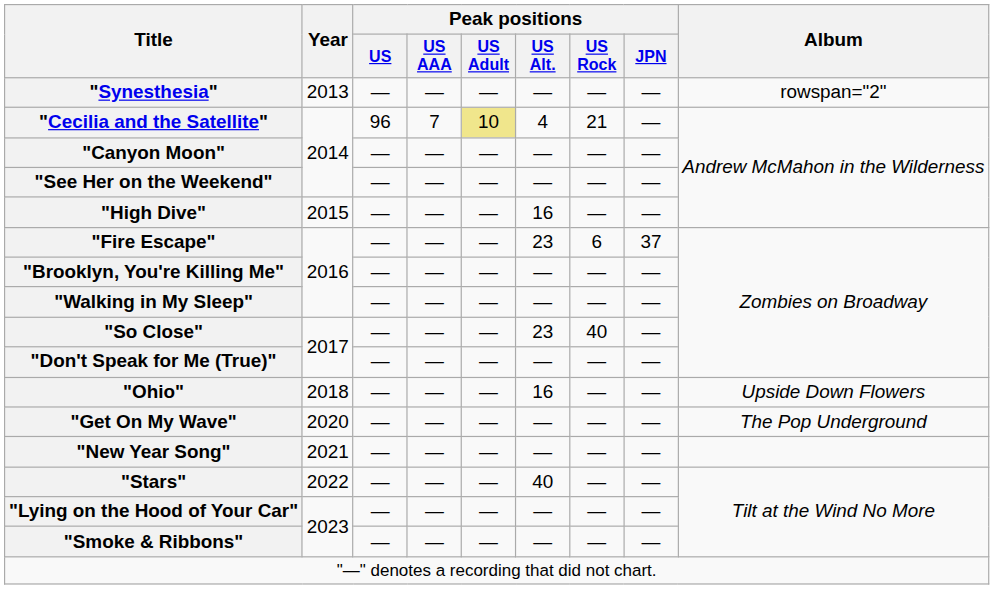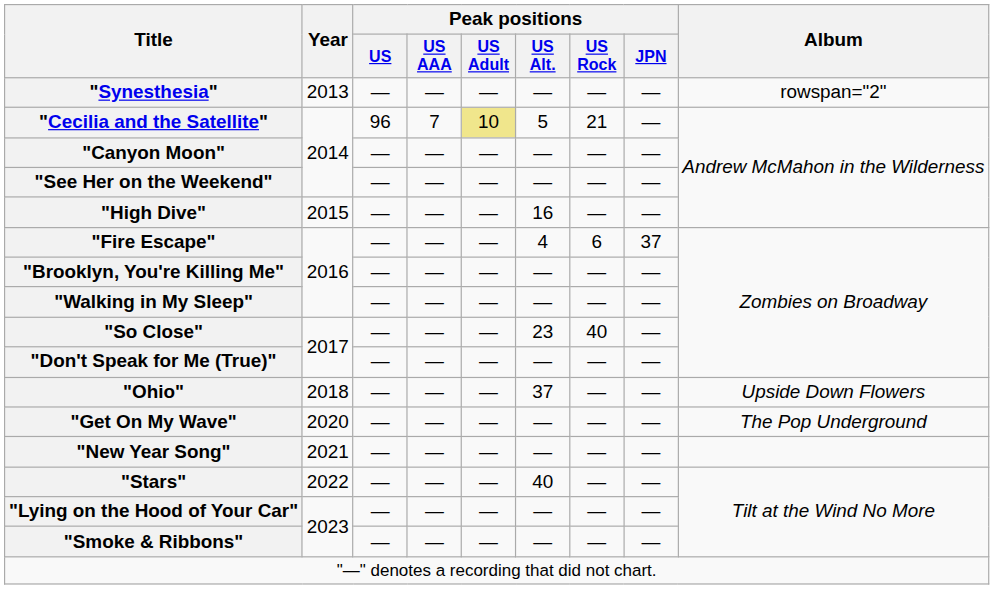 <table class="wikitable plainrowheaders" style="text-align:center;">
 <tr>
 <th scope="col" rowspan="2">Title</th>
 <th scope="col" rowspan="2">Year</th>
 <th scope="col" colspan="6">Peak positions</th>
 <th scope="col" rowspan="2">Album</th>
 </tr>
 <tr>
 <th scope="col" style="width:2.9em;font-size:85%;"><a href='#'>US</a><br></th>
 <th scope="col" style="width:2.9em;font-size:85%;"><a href='#'>US<br>AAA</a><br></th>
 <th scope="col" style="width:2.9em;font-size:85%;"><a href='#'>US<br>Adult</a><br></th>
 <th scope="col" style="width:2.9em;font-size:85%;"><a href='#'>US<br>Alt.</a><br></th>
 <th scope="col" style="width:2.9em;font-size:85%;"><a href='#'>US<br>Rock</a><br></th>
 <th scope="col" style="width:2.9em;font-size:85%;"><a href='#'>JPN</a><br></th>
 </tr>
 <tr>
 <th scope="row">"<a href='#'>Synesthesia</a>"</th>
 <td>2013</td>
 <td>—</td>
 <td>—</td>
 <td>—</td>
 <td>—</td>
 <td>—</td>
 <td>—</td>
 <td>rowspan="2" </td>
 </tr>
 <tr>
 <th scope="row">"<a href='#'>Cecilia and the Satellite</a>"</th>
 <td rowspan="3">2014</td>
 <td>96</td>
 <td>7</td>
 <td style="background: khaki;">10</td>
-<td>4</td>
+<td>5</td>
 <td>21</td>
 <td>—</td>
 <td rowspan="4"><em>Andrew McMahon in the Wilderness</em></td>
 </tr>
 <tr>
 <th scope="row">"Canyon Moon"</th>
 <td>—</td>
 <td>—</td>
 <td>—</td>
 <td>—</td>
 <td>—</td>
 <td>—</td>
 </tr>
 <tr>
 <th scope="row">"See Her on the Weekend"</th>
 <td>—</td>
 <td>—</td>
 <td>—</td>
 <td>—</td>
 <td>—</td>
 <td>—</td>
 </tr>
 <tr>
 <th scope="row">"High Dive"</th>
 <td>2015</td>
 <td>—</td>
 <td>—</td>
 <td>—</td>
 <td>16</td>
 <td>—</td>
 <td>—</td>
 </tr>
 <tr>
 <th scope="row">"Fire Escape"</th>
 <td rowspan="3">2016</td>
 <td>—</td>
 <td>—</td>
 <td>—</td>
-<td>23</td>
+<td>4</td>
 <td>6</td>
 <td>37</td>
 <td rowspan="5"><em>Zombies on Broadway</em></td>
 </tr>
 <tr>
 <th scope="row">"Brooklyn, You're Killing Me"</th>
 <td>—</td>
 <td>—</td>
 <td>—</td>
 <td>—</td>
 <td>—</td>
 <td>—</td>
 </tr>
 <tr>
 <th scope="row">"Walking in My Sleep"</th>
 <td>—</td>
 <td>—</td>
 <td>—</td>
 <td>—</td>
 <td>—</td>
 <td>—</td>
 </tr>
 <tr>
 <th scope="row">"So Close"</th>
 <td rowspan="2">2017</td>
 <td>—</td>
 <td>—</td>
 <td>—</td>
 <td>23</td>
 <td>40</td>
 <td>—</td>
 </tr>
 <tr>
 <th scope="row">"Don't Speak for Me (True)"</th>
 <td>—</td>
 <td>—</td>
 <td>—</td>
 <td>—</td>
 <td>—</td>
 <td>—</td>
 </tr>
 <tr>
 <th scope="row">"Ohio"</th>
 <td>2018</td>
 <td>—</td>
 <td>—</td>
 <td>—</td>
-<td>16</td>
+<td>37</td>
 <td>—</td>
 <td>—</td>
 <td><em>Upside Down Flowers</em></td>
 </tr>
 <tr>
 <th scope="row">"Get On My Wave"</th>
 <td>2020</td>
 <td>—</td>
 <td>—</td>
 <td>—</td>
 <td>—</td>
 <td>—</td>
 <td>—</td>
 <td><em>The Pop Underground</em></td>
 </tr>
 <tr>
 <th scope="row">"New Year Song"</th>
 <td>2021</td>
 <td>—</td>
 <td>—</td>
 <td>—</td>
 <td>—</td>
 <td>—</td>
 <td>—</td>
 </tr>
 <tr>
 <th scope="row">"Stars"</th>
 <td>2022</td>
 <td>—</td>
 <td>—</td>
 <td>—</td>
 <td>40</td>
 <td>—</td>
 <td>—</td>
 <td rowspan="3"><em>Tilt at the Wind No More</em></td>
 </tr>
 <tr>
 <th scope="row">"Lying on the Hood of Your Car"</th>
 <td rowspan="2">2023</td>
 <td>—</td>
 <td>—</td>
 <td>—</td>
 <td>—</td>
 <td>—</td>
 <td>—</td>
 </tr>
 <tr>
 <th scope="row">"Smoke & Ribbons"</th>
 <td>—</td>
 <td>—</td>
 <td>—</td>
 <td>—</td>
 <td>—</td>
 <td>—</td>
 </tr>
 <tr>
 <td colspan="15" style="font-size:90%">"—" denotes a recording that did not chart.</td>
 </tr>
 </table>
